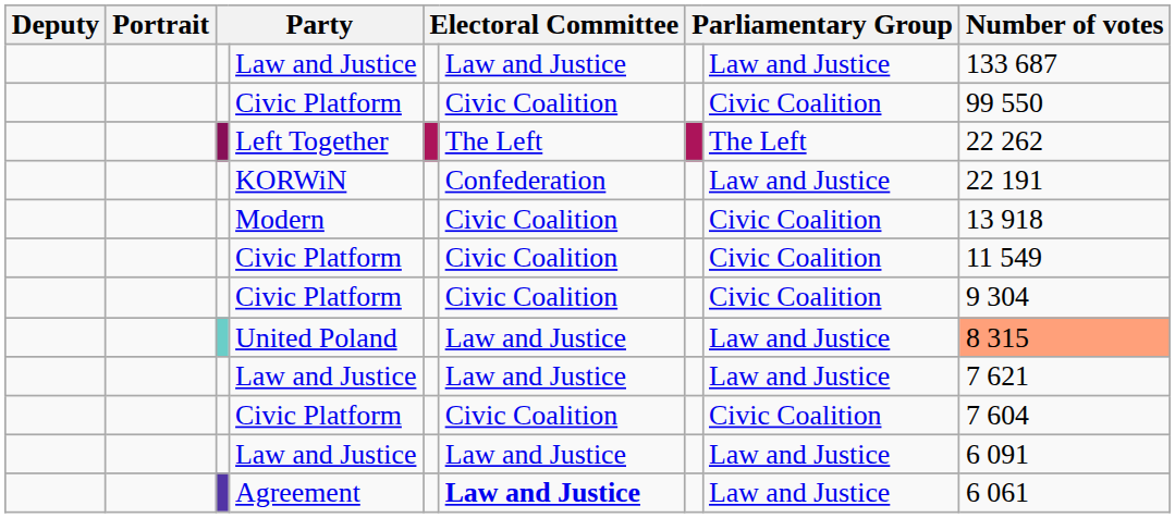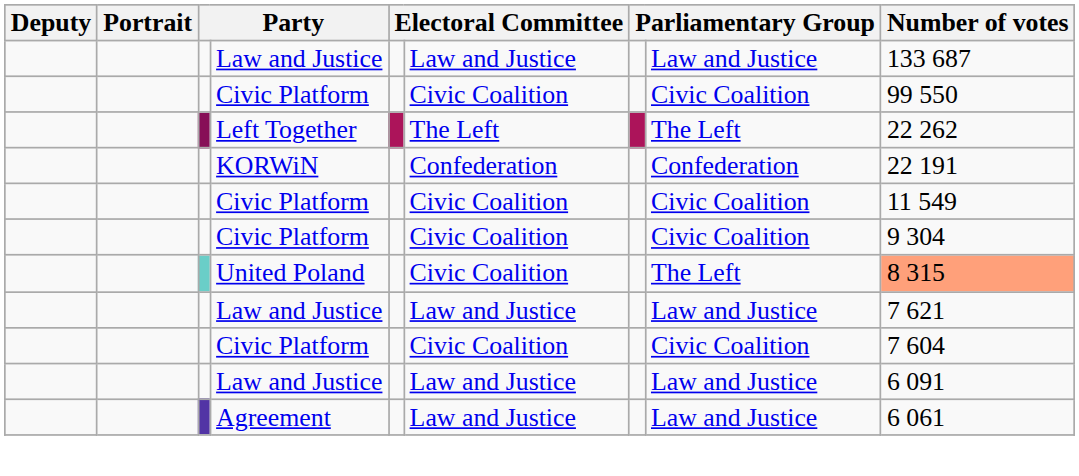 <table class="wikitable sortable" style="font-size:95%;line-height:14px;">
 <tr>
 <th>Deputy</th>
 <th>Portrait</th>
 <th colspan="2">Party</th>
 <th colspan="2">Electoral Committee</th>
 <th colspan="2">Parliamentary Group</th>
 <th>Number of votes</th>
 </tr>
 <tr>
 <td></td>
 <td></td>
 <td style="background:"></td>
 <td><a href='#'>Law and Justice</a></td>
 <td style="background:"></td>
 <td><a href='#'>Law and Justice</a></td>
 <td style="background:"></td>
 <td><a href='#'>Law and Justice</a></td>
 <td>133 687</td>
 </tr>
 <tr>
 <td></td>
 <td></td>
 <td style="background:"></td>
 <td><a href='#'>Civic Platform</a></td>
 <td style="background:"></td>
 <td><a href='#'>Civic Coalition</a></td>
 <td style="background:"></td>
 <td><a href='#'>Civic Coalition</a></td>
 <td>99 550</td>
 </tr>
 <tr>
 <td></td>
 <td></td>
 <td style="background:#870f57;"></td>
 <td><a href='#'>Left Together</a></td>
 <td style="background:#AC145A;"></td>
 <td><a href='#'>The Left</a></td>
 <td style="background:#AC145A;"></td>
 <td><a href='#'>The Left</a></td>
 <td>22 262</td>
 </tr>
 <tr>
 <td></td>
 <td></td>
 <td style="background:"></td>
 <td><a href='#'>KORWiN</a></td>
 <td style="background:"></td>
 <td><a href='#'>Confederation</a></td>
 <td style="background:"></td>
-<td><a href='#'>Law and Justice</a></td>
+<td><a href='#'>Confederation</a></td>
 <td>22 191</td>
-</tr>
-<tr>
-<td></td>
-<td></td>
-<td style="background:"></td>
-<td><a href='#'>Modern</a></td>
-<td style="background:"></td>
-<td><a href='#'>Civic Coalition</a></td>
-<td style="background:"></td>
-<td><a href='#'>Civic Coalition</a></td>
-<td>13 918</td>
 </tr>
 <tr>
 <td></td>
 <td></td>
 <td style="background:"></td>
 <td><a href='#'>Civic Platform</a></td>
 <td style="background:"></td>
 <td><a href='#'>Civic Coalition</a></td>
 <td style="background:"></td>
 <td><a href='#'>Civic Coalition</a></td>
 <td>11 549</td>
 </tr>
 <tr>
 <td></td>
 <td></td>
 <td style="background:"></td>
 <td><a href='#'>Civic Platform</a></td>
 <td style="background:"></td>
 <td><a href='#'>Civic Coalition</a></td>
 <td style="background:"></td>
 <td><a href='#'>Civic Coalition</a></td>
 <td>9 304</td>
 </tr>
 <tr>
 <td></td>
 <td></td>
 <td style="background:#6acec8;"></td>
 <td><a href='#'>United Poland</a></td>
 <td style="background:"></td>
-<td><a href='#'>Law and Justice</a></td>
+<td><a href='#'>Civic Coalition</a></td>
 <td style="background:"></td>
-<td><a href='#'>Law and Justice</a></td>
+<td><a href='#'>The Left</a></td>
 <td style="background: lightsalmon;">8 315</td>
 </tr>
 <tr>
 <td></td>
 <td></td>
 <td style="background:"></td>
 <td><a href='#'>Law and Justice</a></td>
 <td style="background:"></td>
 <td><a href='#'>Law and Justice</a></td>
 <td style="background:"></td>
 <td><a href='#'>Law and Justice</a></td>
 <td>7 621</td>
 </tr>
 <tr>
 <td></td>
 <td></td>
 <td style="background:"></td>
 <td><a href='#'>Civic Platform</a></td>
 <td style="background:"></td>
 <td><a href='#'>Civic Coalition</a></td>
 <td style="background:"></td>
 <td><a href='#'>Civic Coalition</a></td>
 <td>7 604</td>
 </tr>
 <tr>
 <td></td>
 <td></td>
 <td style="background:"></td>
 <td><a href='#'>Law and Justice</a></td>
 <td style="background:"></td>
 <td><a href='#'>Law and Justice</a></td>
 <td style="background:"></td>
 <td><a href='#'>Law and Justice</a></td>
 <td>6 091</td>
 </tr>
 <tr>
 <td></td>
 <td></td>
 <td style="background:#5234A5;"></td>
 <td><a href='#'>Agreement</a></td>
 <td style="background:"></td>
-<td><strong><a href='#'>Law and Justice</a></strong></td>
+<td><a href='#'>Law and Justice</a></td>
 <td style="background:"></td>
 <td><a href='#'>Law and Justice</a></td>
 <td>6 061</td>
 </tr>
 </table>
